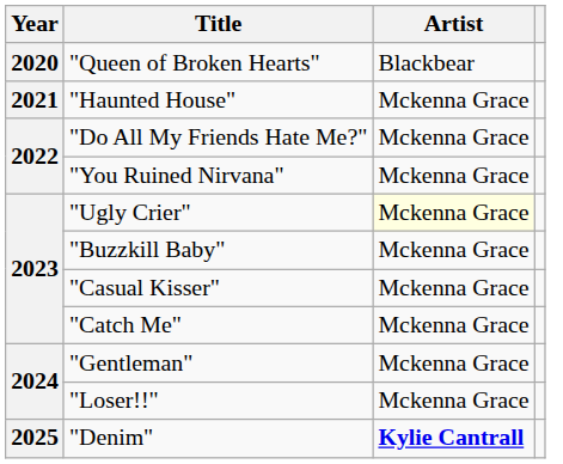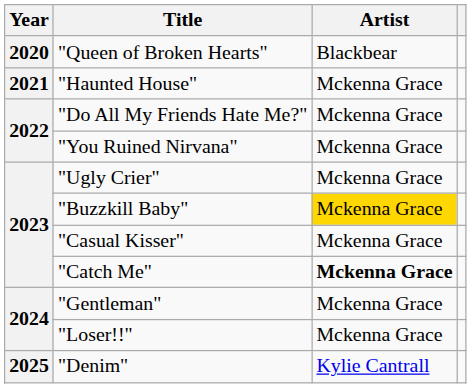 <table class="wikitable plainrowheaders sortable">
 <tr>
 <th scope="col">Year</th>
 <th scope="col">Title</th>
 <th>Artist</th>
 <th scope="col" class="unsortable"></th>
 </tr>
 <tr>
 <th scope="row">2020</th>
 <td>"Queen of Broken Hearts"</td>
 <td>Blackbear</td>
 <td></td>
 </tr>
 <tr>
 <th scope="row">2021</th>
 <td>"Haunted House"</td>
 <td>Mckenna Grace</td>
 <td></td>
 </tr>
 <tr>
 <th rowspan="2" scope="rowgroup">2022</th>
 <td>"Do All My Friends Hate Me?"</td>
 <td>Mckenna Grace</td>
 <td></td>
 </tr>
 <tr>
 <td>"You Ruined Nirvana"</td>
 <td>Mckenna Grace</td>
 <td></td>
 </tr>
 <tr>
 <th rowspan="4" scope="rowgroup">2023</th>
 <td>"Ugly Crier"</td>
-<td style="background: lightyellow;">Mckenna Grace</td>
+<td>Mckenna Grace</td>
 <td></td>
 </tr>
 <tr>
 <td>"Buzzkill Baby"</td>
-<td>Mckenna Grace</td>
+<td style="background: gold;">Mckenna Grace</td>
 <td></td>
 </tr>
 <tr>
 <td>"Casual Kisser"</td>
 <td>Mckenna Grace</td>
 <td></td>
 </tr>
 <tr>
 <td>"Catch Me"</td>
-<td>Mckenna Grace</td>
+<td><strong>Mckenna Grace</strong></td>
 <td></td>
 </tr>
 <tr>
 <th rowspan="2" scope="rowgroup">2024</th>
 <td>"Gentleman"</td>
 <td>Mckenna Grace</td>
 <td></td>
 </tr>
 <tr>
 <td>"Loser!!"</td>
 <td>Mckenna Grace</td>
 <td></td>
 </tr>
 <tr>
 <th scope="row">2025</th>
 <td>"Denim"</td>
-<td><strong><a href='#'>Kylie Cantrall</a></strong></td>
+<td><a href='#'>Kylie Cantrall</a></td>
 <td></td>
 </tr>
 </table>
